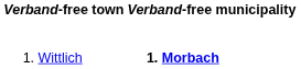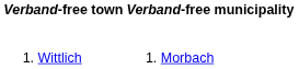 <table>
 <tr ---->
 <th><em>Verband</em>-free town</th>
 <th><em>Verband</em>-free municipality</th>
 </tr>
 <tr>
 <td><br><ol><li><a href='#'>Wittlich</a></li></ol></td>
-<td valign=top><strong><br><ol><li><a href='#'>Morbach</a></li></ol></strong></td>
+<td valign=top><br><ol><li><a href='#'>Morbach</a></li></ol></td>
 </tr>
 </table>
